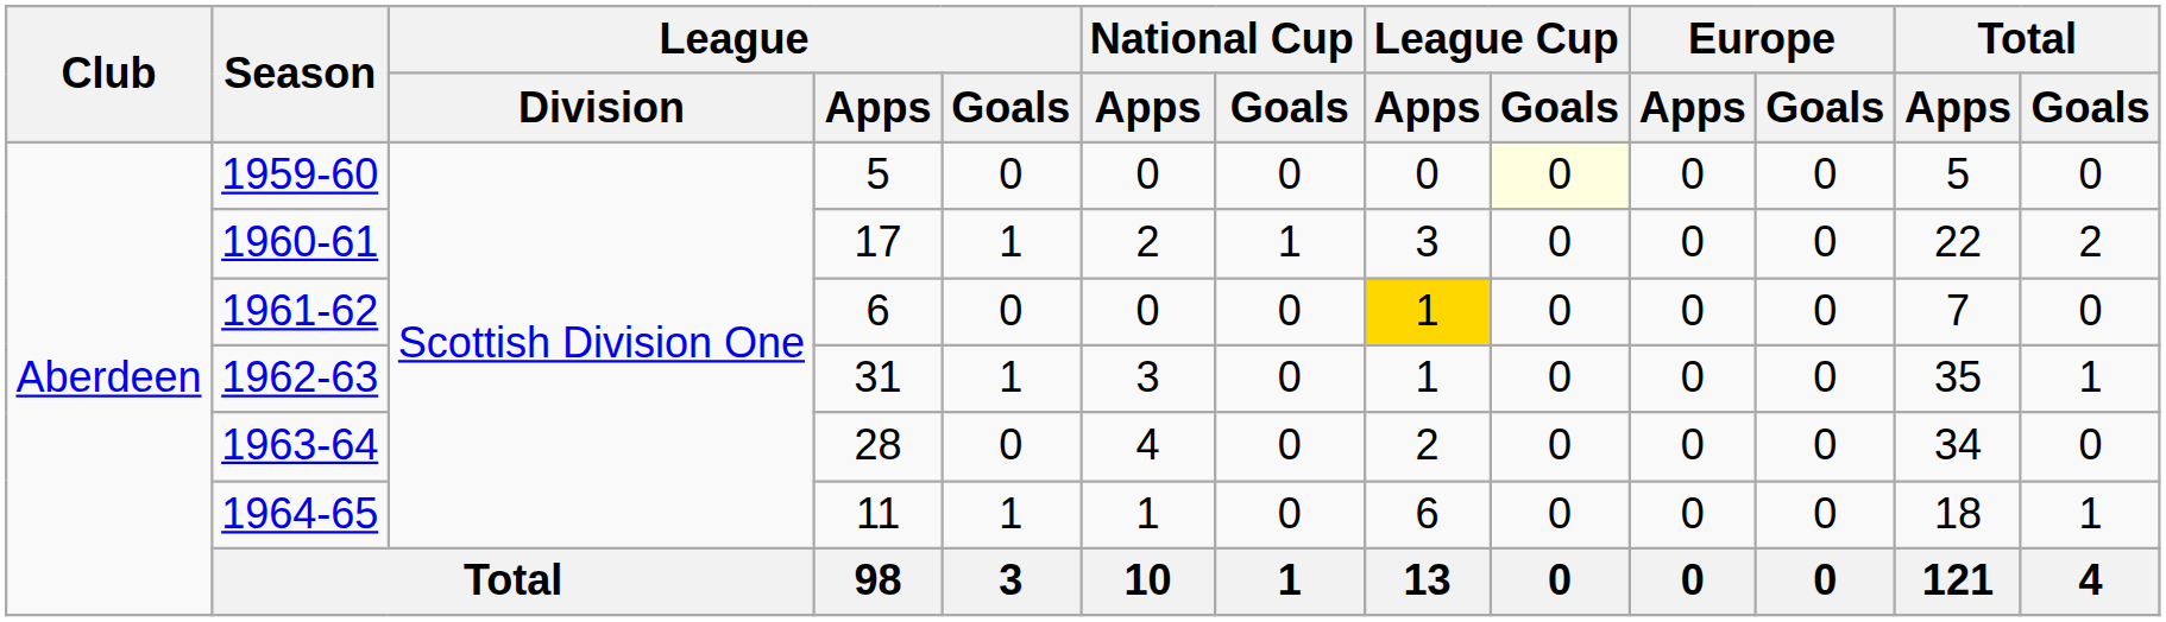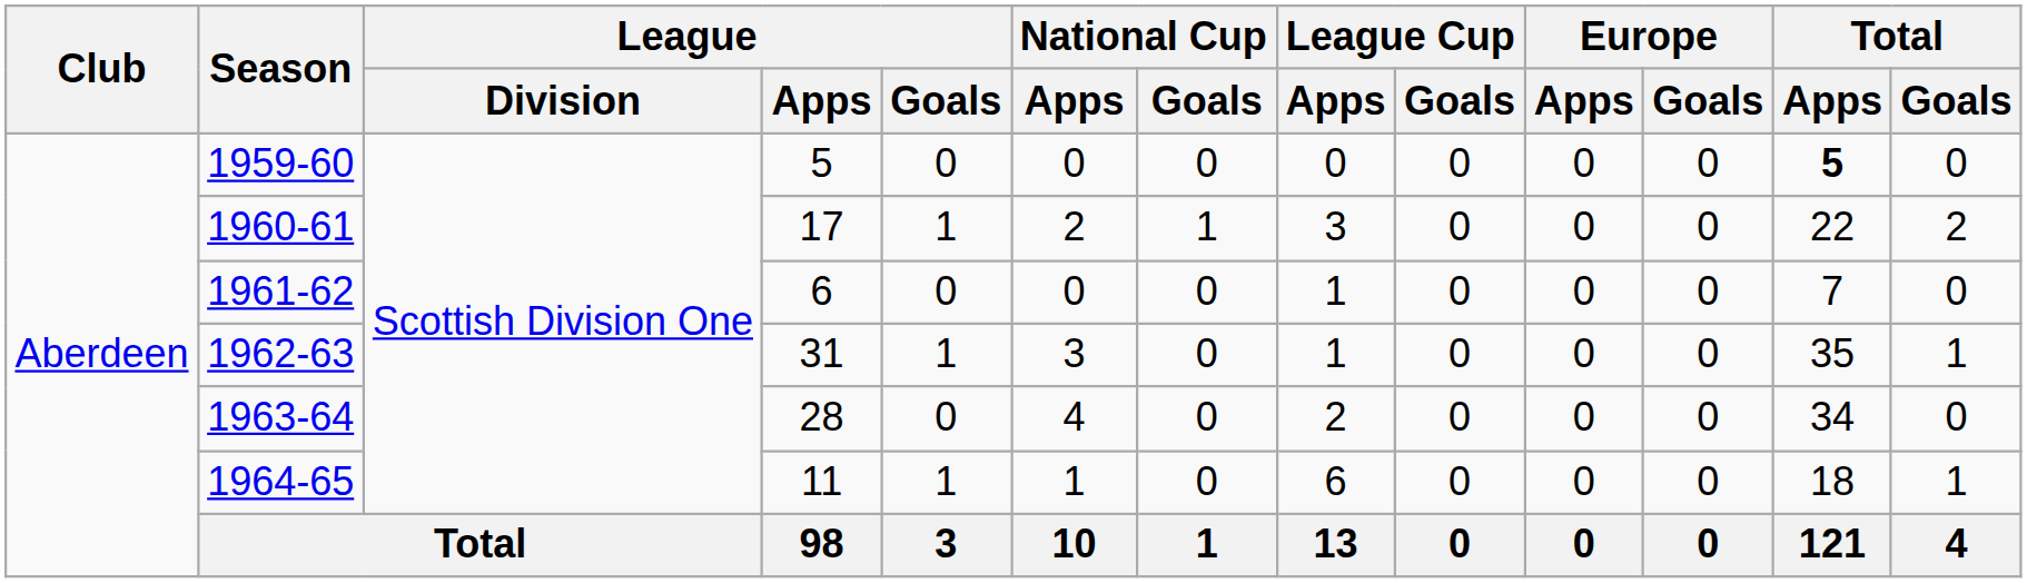 <table class="wikitable" style="text-align:center">
 <tr>
 <th rowspan="2">Club</th>
 <th rowspan="2">Season</th>
 <th colspan="3">League</th>
 <th colspan="2">National Cup</th>
 <th colspan="2">League Cup</th>
 <th colspan="2">Europe</th>
 <th colspan="2">Total</th>
 </tr>
 <tr>
 <th>Division</th>
 <th>Apps</th>
 <th>Goals</th>
 <th>Apps</th>
 <th>Goals</th>
 <th>Apps</th>
 <th>Goals</th>
 <th>Apps</th>
 <th>Goals</th>
 <th>Apps</th>
 <th>Goals</th>
 </tr>
 <tr>
 <td rowspan="7"><a href='#'>Aberdeen</a></td>
 <td><a href='#'>1959-60</a></td>
 <td rowspan="6"><a href='#'>Scottish Division One</a></td>
 <td>5</td>
 <td>0</td>
 <td>0</td>
 <td>0</td>
 <td>0</td>
-<td style="background: lightyellow;">0</td>
 <td>0</td>
 <td>0</td>
-<td>5</td>
+<td>0</td>
+<td><strong>5</strong></td>
 <td>0</td>
 </tr>
 <tr>
 <td><a href='#'>1960-61</a></td>
 <td>17</td>
 <td>1</td>
 <td>2</td>
 <td>1</td>
 <td>3</td>
 <td>0</td>
 <td>0</td>
 <td>0</td>
 <td>22</td>
 <td>2</td>
 </tr>
 <tr>
 <td><a href='#'>1961-62</a></td>
 <td>6</td>
 <td>0</td>
 <td>0</td>
 <td>0</td>
-<td style="background: gold;">1</td>
+<td>1</td>
 <td>0</td>
 <td>0</td>
 <td>0</td>
 <td>7</td>
 <td>0</td>
 </tr>
 <tr>
 <td><a href='#'>1962-63</a></td>
 <td>31</td>
 <td>1</td>
 <td>3</td>
 <td>0</td>
 <td>1</td>
 <td>0</td>
 <td>0</td>
 <td>0</td>
 <td>35</td>
 <td>1</td>
 </tr>
 <tr>
 <td><a href='#'>1963-64</a></td>
 <td>28</td>
 <td>0</td>
 <td>4</td>
 <td>0</td>
 <td>2</td>
 <td>0</td>
 <td>0</td>
 <td>0</td>
 <td>34</td>
 <td>0</td>
 </tr>
 <tr>
 <td><a href='#'>1964-65</a></td>
 <td>11</td>
 <td>1</td>
 <td>1</td>
 <td>0</td>
 <td>6</td>
 <td>0</td>
 <td>0</td>
 <td>0</td>
 <td>18</td>
 <td>1</td>
 </tr>
 <tr>
 <th colspan="2">Total</th>
 <th>98</th>
 <th>3</th>
 <th>10</th>
 <th>1</th>
 <th>13</th>
 <th>0</th>
 <th>0</th>
 <th>0</th>
 <th>121</th>
 <th>4</th>
 </tr>
 </table>
